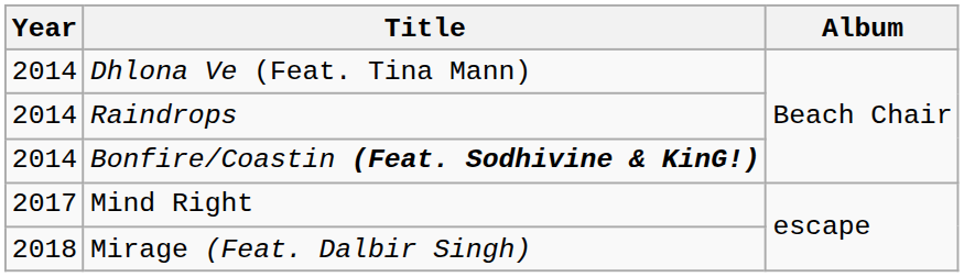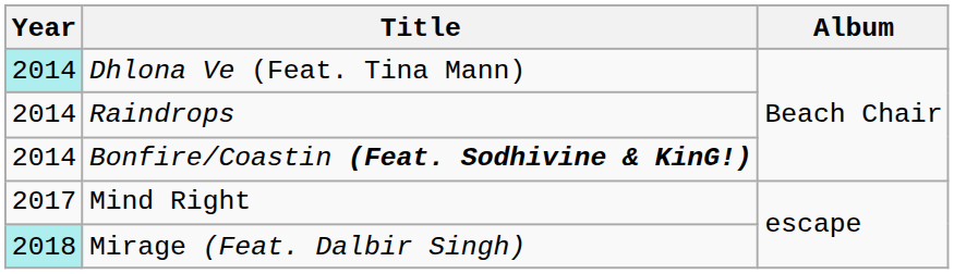 <table class="wikitable sortable">
 <tr>
 <th>Year</th>
 <th>Title</th>
 <th>Album</th>
 </tr>
 <tr>
-<td>2014</td>
+<td style="background: paleturquoise;">2014</td>
 <td><em>Dhlona Ve</em> (Feat. Tina Mann)</td>
 <td rowspan="3">Beach Chair</td>
 </tr>
 <tr>
 <td>2014</td>
 <td><em>Raindrops</em></td>
 </tr>
 <tr>
 <td>2014</td>
 <td><em>Bonfire/Coastin<strong> (Feat. Sodhivine & KinG!)</td>
 </tr>
 <tr>
 <td>2017</td>
 <td></em>Mind Right<em></td>
 <td rowspan="2">escape</td>
 </tr>
 <tr>
-<td>2018</td>
+<td style="background: paleturquoise;">2018</td>
 <td></em>Mirage<em> (Feat. Dalbir Singh)</td>
 </tr>
 </table>
